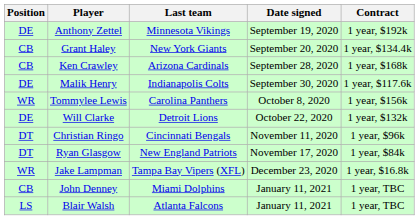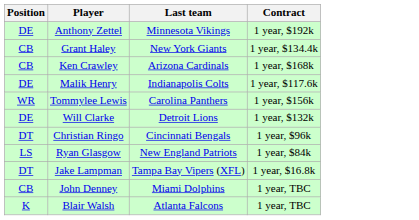 <table class="wikitable" style="text-align:center">
 <tr>
 <th>Position</th>
 <th>Player</th>
 <th>Last team</th>
-<th>Date signed</th>
 <th>Contract</th>
 </tr>
 <tr style="background:#cfc">
 <td><a href='#'>DE</a></td>
 <td><a href='#'>Anthony Zettel</a></td>
 <td><a href='#'>Minnesota Vikings</a></td>
-<td>September 19, 2020</td>
 <td>1 year, $192k</td>
 </tr>
 <tr style="background:#cfc">
 <td><a href='#'>CB</a></td>
 <td><a href='#'>Grant Haley</a></td>
 <td><a href='#'>New York Giants</a></td>
-<td>September 20, 2020</td>
 <td>1 year, $134.4k</td>
 </tr>
 <tr style="background:#cfc">
 <td><a href='#'>CB</a></td>
 <td><a href='#'>Ken Crawley</a></td>
 <td><a href='#'>Arizona Cardinals</a></td>
-<td>September 28, 2020</td>
 <td>1 year, $168k</td>
 </tr>
 <tr style="background:#cfc">
 <td><a href='#'>DE</a></td>
 <td><a href='#'>Malik Henry</a></td>
 <td><a href='#'>Indianapolis Colts</a></td>
-<td>September 30, 2020</td>
 <td>1 year, $117.6k</td>
 </tr>
 <tr style="background:#cfc">
 <td><a href='#'>WR</a></td>
 <td><a href='#'>Tommylee Lewis</a></td>
 <td><a href='#'>Carolina Panthers</a></td>
-<td>October 8, 2020</td>
 <td>1 year, $156k</td>
 </tr>
 <tr style="background:#cfc">
 <td><a href='#'>DE</a></td>
 <td><a href='#'>Will Clarke</a></td>
 <td><a href='#'>Detroit Lions</a></td>
-<td>October 22, 2020</td>
 <td>1 year, $132k</td>
 </tr>
 <tr style="background:#cfc">
 <td><a href='#'>DT</a></td>
 <td><a href='#'>Christian Ringo</a></td>
 <td><a href='#'>Cincinnati Bengals</a></td>
-<td>November 11, 2020</td>
 <td>1 year, $96k</td>
 </tr>
 <tr style="background:#cfc">
-<td><a href='#'>DT</a></td>
+<td><a href='#'>LS</a></td>
 <td><a href='#'>Ryan Glasgow</a></td>
 <td><a href='#'>New England Patriots</a></td>
-<td>November 17, 2020</td>
 <td>1 year, $84k</td>
 </tr>
 <tr style="background:#cfc">
-<td><a href='#'>WR</a></td>
+<td><a href='#'>DT</a></td>
 <td><a href='#'>Jake Lampman</a></td>
 <td><a href='#'>Tampa Bay Vipers</a> (<a href='#'>XFL</a>)</td>
-<td>December 23, 2020</td>
 <td>1 year, $16.8k</td>
 </tr>
 <tr style="background:#cfc">
 <td><a href='#'>CB</a></td>
 <td><a href='#'>John Denney</a></td>
 <td><a href='#'>Miami Dolphins</a></td>
-<td>January 11, 2021</td>
 <td>1 year, TBC</td>
 </tr>
 <tr style="background:#cfc">
-<td><a href='#'>LS</a></td>
+<td><a href='#'>K</a></td>
 <td><a href='#'>Blair Walsh</a></td>
 <td><a href='#'>Atlanta Falcons</a></td>
-<td>January 11, 2021</td>
 <td>1 year, TBC</td>
 </tr>
 </table>
